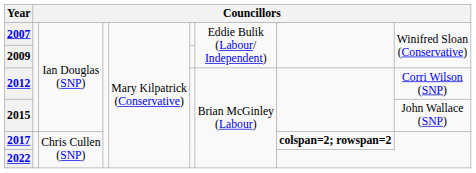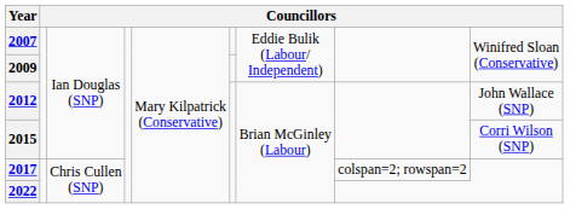 <table class="wikitable" style="text-align:center">
 <tr>
 <th>Year</th>
 <th colspan=8>Councillors</th>
 </tr>
 <tr>
 <th><a href='#'>2007</a></th>
 <td rowspan=4; style="background-color: "></td>
 <td rowspan=4>Ian Douglas<br>(<a href='#'>SNP</a>)</td>
 <td rowspan=6; style="background-color: "></td>
 <td rowspan=6>Mary Kilpatrick<br>(<a href='#'>Conservative</a>)</td>
 <td style="background-color: "></td>
 <td rowspan=2>Eddie Bulik<br>(<a href='#'>Labour</a>/<br><a href='#'>Independent</a>)</td>
 <td rowspan=2; style="background-color: "></td>
 <td rowspan=2>Winifred Sloan<br>(<a href='#'>Conservative</a>)</td>
 </tr>
 <tr>
 <th>2009</th>
 <td style="background-color: "></td>
 </tr>
 <tr>
 <th><a href='#'>2012</a></th>
 <td rowspan=4; style="background-color: "></td>
 <td rowspan=4>Brian McGinley<br>(<a href='#'>Labour</a>)</td>
 <td rowspan=2; style="background-color: "></td>
-<td><a href='#'>Corri Wilson</a><br>(<a href='#'>SNP</a>)</td>
+<td>John Wallace<br>(<a href='#'>SNP</a>)</td>
 </tr>
 <tr>
 <th>2015</th>
-<td>John Wallace<br>(<a href='#'>SNP</a>)</td>
+<td><a href='#'>Corri Wilson</a><br>(<a href='#'>SNP</a>)</td>
 </tr>
 <tr>
 <th><a href='#'>2017</a></th>
 <td rowspan=2; style="background-color: "></td>
 <td rowspan=2>Chris Cullen<br>(<a href='#'>SNP</a>)</td>
-<td><strong>colspan=2; rowspan=2 </strong></td>
+<td>colspan=2; rowspan=2 </td>
 </tr>
 <tr>
 <th><a href='#'>2022</a></th>
 </tr>
 </table>
